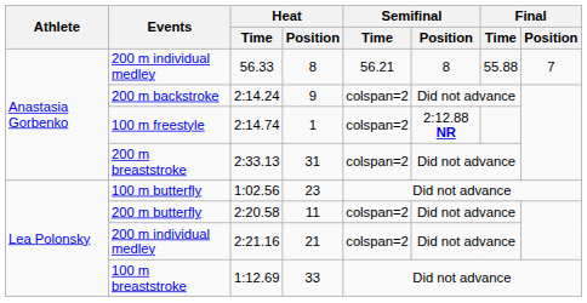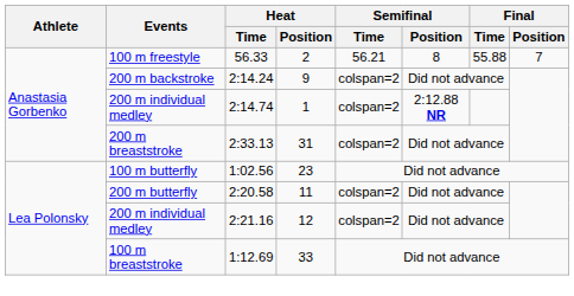 <table class="wikitable" border="1" style="font-size:90%">
 <tr>
 <th rowspan=2>Athlete</th>
 <th rowspan=2>Events</th>
 <th colspan=2>Heat</th>
 <th colspan=2>Semifinal</th>
 <th colspan=2>Final</th>
 </tr>
 <tr>
 <th>Time</th>
 <th>Position</th>
 <th>Time</th>
 <th>Position</th>
 <th>Time</th>
 <th>Position</th>
 </tr>
 <tr align=center>
 <td align=left rowspan=4><a href='#'>Anastasia Gorbenko</a></td>
-<td align=left><a href='#'>200 m individual medley</a></td>
+<td align=left><a href='#'>100 m freestyle</a></td>
 <td>56.33</td>
-<td>8</td>
+<td>2</td>
 <td>56.21</td>
 <td>8</td>
 <td>55.88</td>
 <td>7</td>
 </tr>
 <tr align=center>
 <td align=left><a href='#'>200 m backstroke</a></td>
 <td>2:14.24</td>
 <td>9</td>
 <td>colspan=2 </td>
 <td colspan=2>Did not advance</td>
 </tr>
 <tr align=center>
-<td align=left><a href='#'>100 m freestyle</a></td>
+<td align=left><a href='#'>200 m individual medley</a></td>
 <td>2:14.74</td>
 <td>1</td>
 <td>colspan=2 </td>
 <td>2:12.88 <strong><a href='#'>NR</a></strong></td>
 <td></td>
 </tr>
 <tr align=center>
 <td align=left><a href='#'>200 m breaststroke</a></td>
 <td>2:33.13</td>
 <td>31</td>
 <td>colspan=2 </td>
 <td colspan=2>Did not advance</td>
 </tr>
 <tr align=center>
 <td align=left rowspan=4><a href='#'>Lea Polonsky</a></td>
 <td align=left><a href='#'>100 m butterfly</a></td>
 <td>1:02.56</td>
 <td>23</td>
 <td colspan=4>Did not advance</td>
 </tr>
 <tr align=center>
 <td align=left><a href='#'>200 m butterfly</a></td>
 <td>2:20.58</td>
 <td>11</td>
 <td>colspan=2 </td>
 <td colspan=2>Did not advance</td>
 </tr>
 <tr align=center>
 <td align=left><a href='#'>200 m individual medley</a></td>
 <td>2:21.16</td>
-<td>21</td>
+<td>12</td>
 <td>colspan=2 </td>
 <td colspan=2>Did not advance</td>
 </tr>
 <tr align=center>
 <td align=left><a href='#'>100 m breaststroke</a></td>
 <td>1:12.69</td>
 <td>33</td>
 <td colspan=4>Did not advance</td>
 </tr>
 </table>
